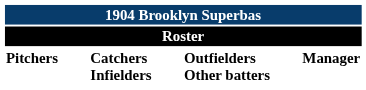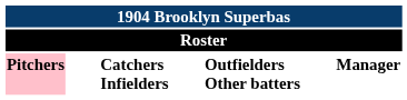 <table class="toccolours" style="font-size: 95%;">
 <tr>
 <th colspan="10" style="background-color: #083c6b; color: white; text-align: center;">1904 Brooklyn Superbas</th>
 </tr>
 <tr>
 <td colspan="10" style="background-color: black; color: white; text-align: center;"><strong>Roster</strong></td>
 </tr>
 <tr>
-<td valign="top"><strong>Pitchers</strong><br>           </td>
+<td valign="top" style="background: pink;"><strong>Pitchers</strong><br>           </td>
 <td width="25px"></td>
 <td valign="top"><strong>Catchers</strong><br>  <strong>Infielders</strong>         </td>
 <td width="25px"></td>
 <td valign="top"><strong>Outfielders</strong><br>    <strong>Other batters</strong> </td>
 <td width="25px"></td>
 <td valign="top"><strong>Manager</strong><br></td>
 </tr>
 </table>
